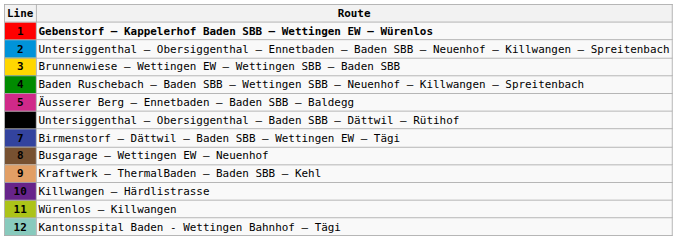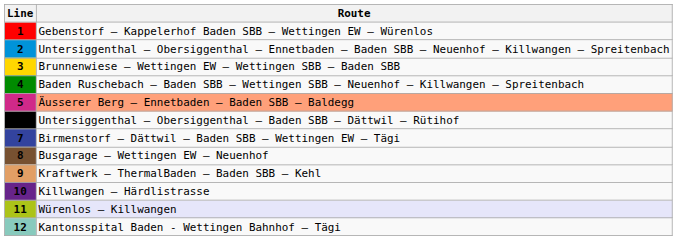 <table class="wikitable">
 <tr class="hintergrundfarbe5">
 <th>Line</th>
 <th>Route</th>
 </tr>
 <tr>
 <td bgcolor=#FF0000 valign="middle" align="center"><span><strong>1</strong></span></td>
-<td><strong>Gebenstorf – Kappelerhof Baden SBB – Wettingen EW – Würenlos</strong></td>
+<td>Gebenstorf – Kappelerhof Baden SBB – Wettingen EW – Würenlos</td>
 </tr>
 <tr>
 <td bgcolor=#0093D9 valign="middle" align="center"><span><strong>2</strong></span></td>
 <td>Untersiggenthal – Obersiggenthal – Ennetbaden – Baden SBB – Neuenhof – Killwangen – Spreitenbach</td>
 </tr>
 <tr>
 <td bgcolor=#FFD700 valign="middle" align="center"><span><strong>3</strong></span></td>
 <td>Brunnenwiese – Wettingen EW – Wettingen SBB – Baden SBB</td>
 </tr>
 <tr>
 <td bgcolor=#008B00 valign="middle" align="center"><span><strong>4</strong></span></td>
 <td>Baden Ruschebach – Baden SBB – Wettingen SBB – Neuenhof – Killwangen – Spreitenbach</td>
 </tr>
 <tr>
 <td bgcolor=#D02989 valign="middle" align="center"><span><strong>5</strong></span></td>
-<td>Äusserer Berg – Ennetbaden – Baden SBB – Baldegg</td>
+<td style="background: lightsalmon;">Äusserer Berg – Ennetbaden – Baden SBB – Baldegg</td>
 </tr>
 <tr>
 <td bgcolor=#000000 valign="middle" align="center"><span><strong>6</strong></span></td>
 <td>Untersiggenthal – Obersiggenthal – Baden SBB – Dättwil – Rütihof</td>
 </tr>
 <tr>
 <td bgcolor=#33439E valign="middle" align="center"><span><strong>7</strong></span></td>
 <td>Birmenstorf – Dättwil – Baden SBB – Wettingen EW – Tägi</td>
 </tr>
 <tr>
 <td bgcolor=#775131 valign="middle" align="center"><span><strong>8</strong></span></td>
 <td>Busgarage – Wettingen EW – Neuenhof</td>
 </tr>
 <tr>
 <td bgcolor=#E29F65 valign="middle" align="center"><span><strong>9</strong></span></td>
 <td>Kraftwerk – ThermalBaden – Baden SBB – Kehl</td>
 </tr>
 <tr>
 <td bgcolor=#67248A valign="middle" align="center"><span><strong>10</strong></span></td>
 <td>Killwangen – Härdlistrasse</td>
 </tr>
 <tr>
 <td bgcolor=#ACC319 valign="middle" align="center"><span><strong>11</strong></span></td>
-<td>Würenlos – Killwangen</td>
+<td style="background: lavender;">Würenlos – Killwangen</td>
 </tr>
 <tr>
 <td bgcolor=#88CABD valign="middle" align="center"><span><strong>12</strong></span></td>
 <td>Kantonsspital Baden - Wettingen Bahnhof – Tägi</td>
 </tr>
 </table>
